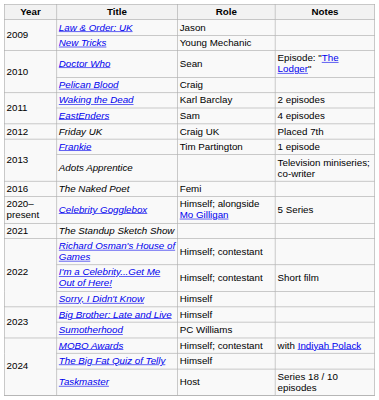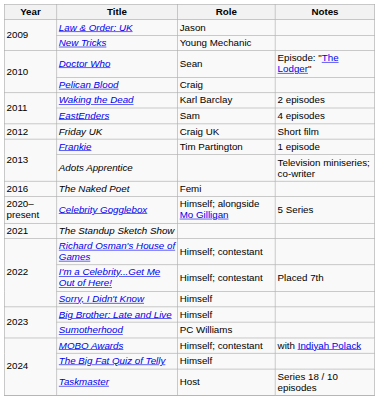 <table class="wikitable plainrowheaders sortable">
 <tr>
 <th scope="col">Year</th>
 <th scope="col">Title</th>
 <th scope="col">Role</th>
 <th class="unsortable">Notes</th>
 </tr>
 <tr>
 <td rowspan="2">2009</td>
 <td><em><a href='#'>Law & Order: UK</a></em></td>
 <td>Jason</td>
 <td></td>
 </tr>
 <tr>
 <td><em><a href='#'>New Tricks</a></em></td>
 <td>Young Mechanic</td>
 <td></td>
 </tr>
 <tr>
 <td rowspan="2">2010</td>
 <td><em><a href='#'>Doctor Who</a></em></td>
 <td>Sean</td>
 <td>Episode: "<a href='#'>The Lodger</a>"</td>
 </tr>
 <tr>
 <td><em><a href='#'>Pelican Blood</a></em></td>
 <td>Craig</td>
 <td></td>
 </tr>
 <tr>
 <td rowspan="2">2011</td>
 <td><em><a href='#'>Waking the Dead</a></em></td>
 <td>Karl Barclay</td>
 <td>2 episodes</td>
 </tr>
 <tr>
 <td><em><a href='#'>EastEnders</a></em></td>
 <td>Sam</td>
 <td>4 episodes</td>
 </tr>
 <tr>
 <td>2012</td>
 <td><em>Friday UK</em></td>
 <td>Craig UK</td>
-<td>Placed 7th</td>
+<td>Short film</td>
 </tr>
 <tr>
 <td rowspan="2">2013</td>
 <td><em><a href='#'>Frankie</a></em></td>
 <td>Tim Partington</td>
 <td>1 episode</td>
 </tr>
 <tr>
 <td><em>Adots Apprentice</em></td>
 <td></td>
 <td>Television miniseries; co-writer</td>
 </tr>
 <tr>
 <td>2016</td>
 <td><em>The Naked Poet</em></td>
 <td>Femi</td>
 <td></td>
 </tr>
 <tr>
 <td>2020–present</td>
 <td><em><a href='#'>Celebrity Gogglebox</a></em></td>
 <td>Himself; alongside <a href='#'>Mo Gilligan</a></td>
 <td>5 Series</td>
 </tr>
 <tr>
 <td>2021</td>
 <td><em>The Standup Sketch Show</em></td>
 <td></td>
 <td></td>
 </tr>
 <tr>
 <td rowspan="3">2022</td>
 <td><em><a href='#'>Richard Osman's House of Games</a></em></td>
 <td>Himself; contestant</td>
 <td></td>
 </tr>
 <tr>
 <td><em><a href='#'>I'm a Celebrity...Get Me Out of Here!</a></em></td>
 <td>Himself; contestant</td>
-<td>Short film</td>
+<td>Placed 7th</td>
 </tr>
 <tr>
 <td><em><a href='#'>Sorry, I Didn't Know</a></em></td>
 <td>Himself</td>
 <td></td>
 </tr>
 <tr>
 <td rowspan="2">2023</td>
 <td><em><a href='#'>Big Brother: Late and Live</a></em></td>
 <td>Himself</td>
 <td></td>
 </tr>
 <tr>
 <td><em><a href='#'>Sumotherhood</a></em></td>
 <td>PC Williams</td>
 <td></td>
 </tr>
 <tr>
 <td rowspan="3">2024</td>
 <td><em><a href='#'>MOBO Awards</a></em></td>
 <td>Himself; contestant</td>
 <td>with <a href='#'>Indiyah Polack</a></td>
 </tr>
 <tr>
 <td><em><a href='#'>The Big Fat Quiz of Telly</a></em></td>
 <td>Himself</td>
 </tr>
 <tr>
 <td><em><a href='#'>Taskmaster</a></em></td>
 <td>Host</td>
 <td>Series 18 / 10 episodes</td>
 </tr>
 <tr>
 </tr>
 </table>
